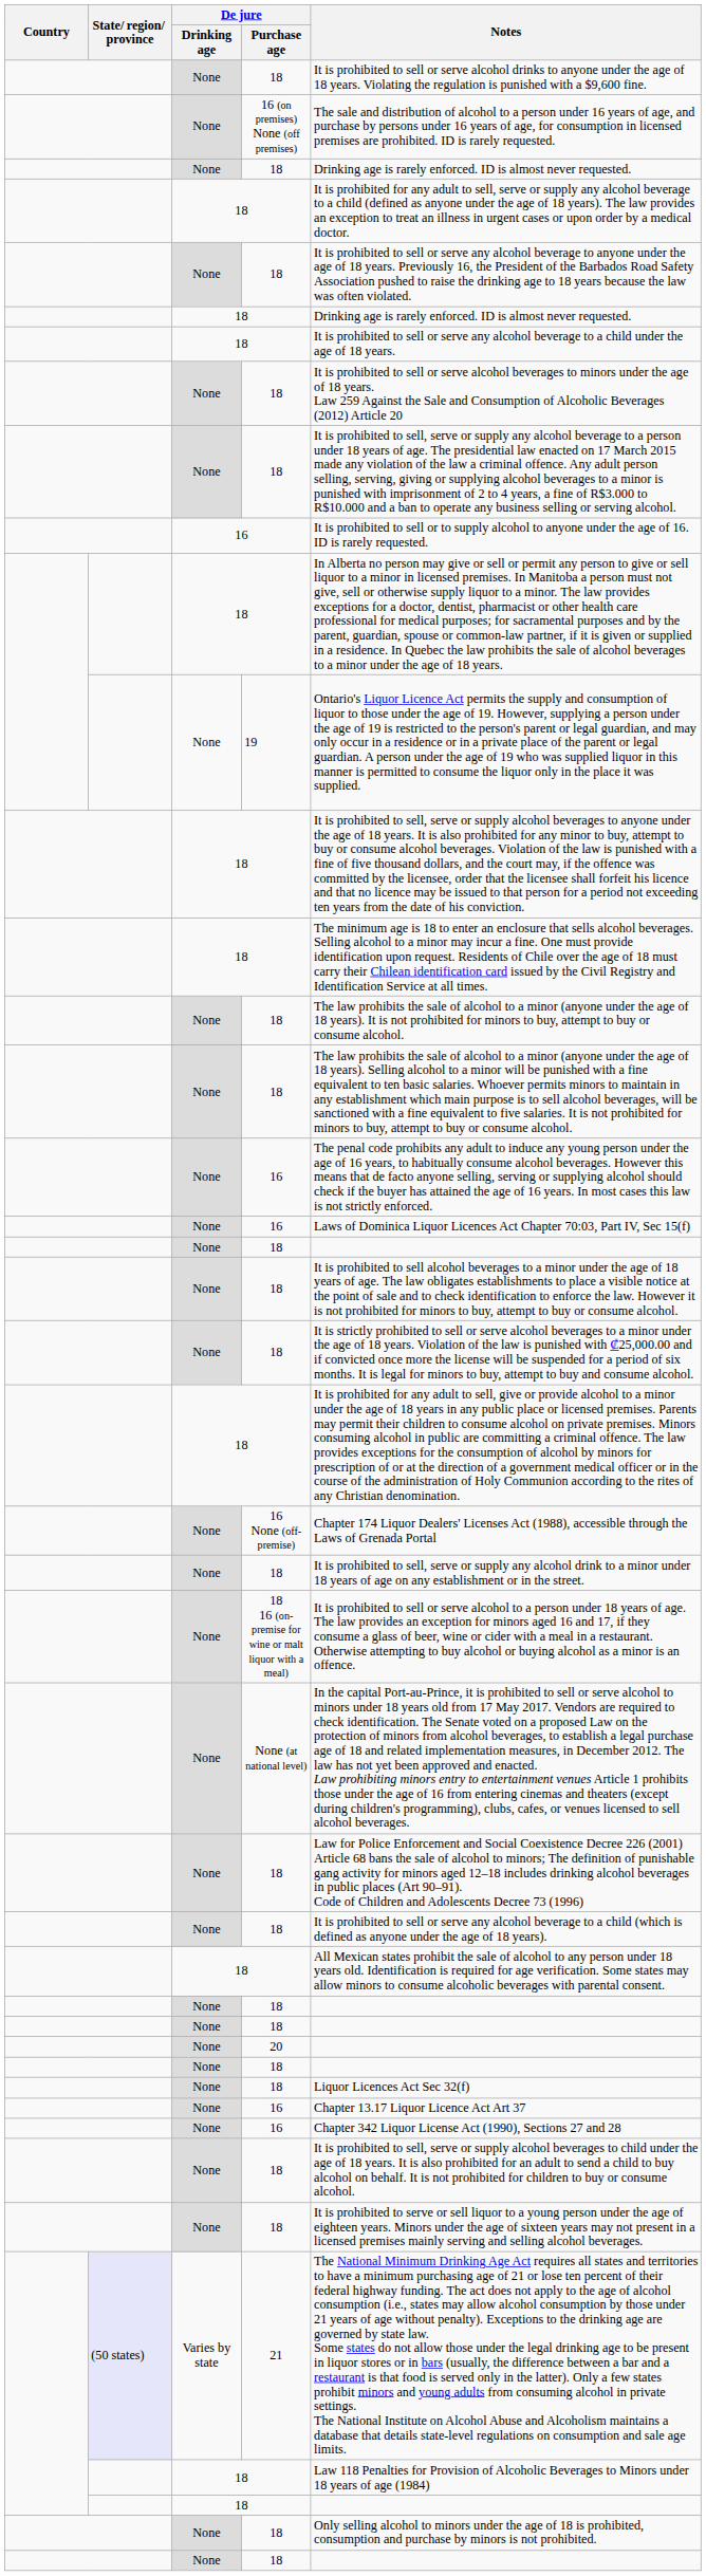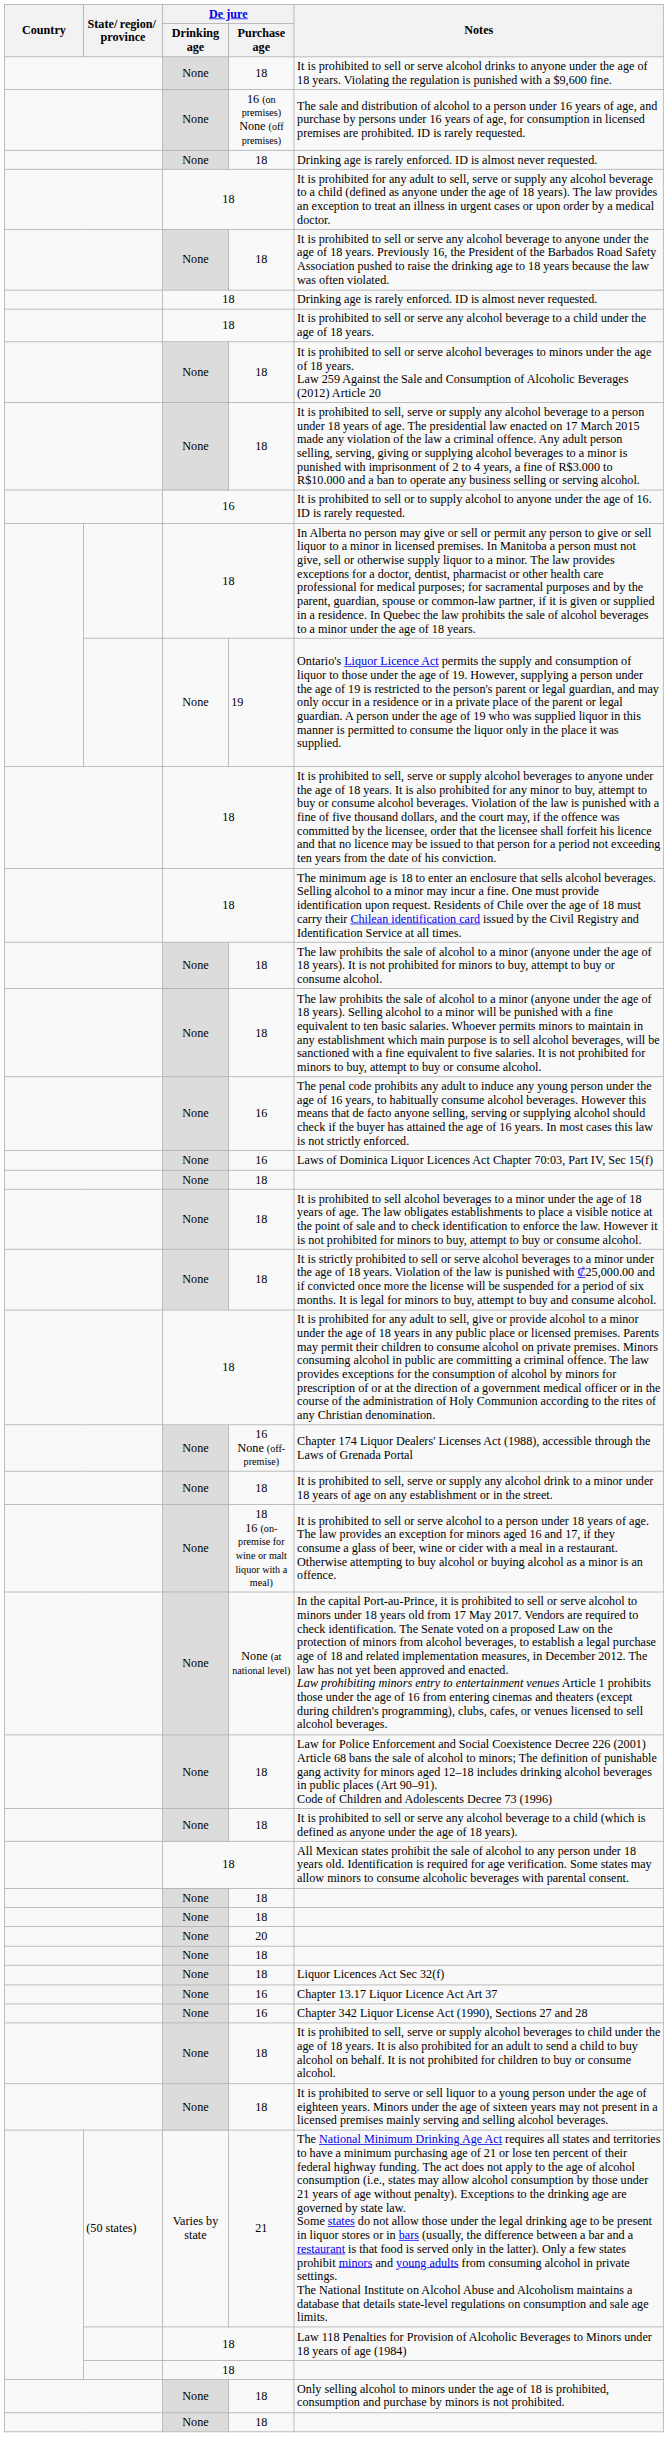 <table class="wikitable sortable mw-collapsible">
 <tr>
 <th rowspan=2 style="width:12%;">Country</th>
 <th rowspan=2 style="width:12%;">State/ region/ province</th>
 <th colspan=2 style="width:20%;"><a href='#'>De jure</a></th>
 <th rowspan=2 style="width:56%;">Notes</th>
 </tr>
 <tr>
 <th style="width:10%;">Drinking age</th>
 <th style="width:10%;">Purchase age</th>
 </tr>
 <tr>
 <td colspan=2><em></em></td>
 <td style="background:Gainsboro" align="center">None</td>
 <td align="center">18</td>
 <td>It is prohibited to sell or serve alcohol drinks to anyone under the age of 18 years. Violating the regulation is punished with a $9,600 fine.</td>
 </tr>
 <tr>
 <td colspan=2></td>
 <td style="background:Gainsboro" align="center">None</td>
 <td align="center">16 <small>(on premises)</small> None <small>(off premises)</small></td>
 <td>The sale and distribution of alcohol to a person under 16 years of age, and purchase by persons under 16 years of age, for consumption in licensed premises are prohibited. ID is rarely requested.</td>
 </tr>
 <tr>
 <td colspan=2></td>
 <td style="background:Gainsboro" align="center">None</td>
 <td align="center">18</td>
 <td>Drinking age is rarely enforced. ID is almost never requested.</td>
 </tr>
 <tr>
 <td colspan=2></td>
 <td colspan=2 style="text-align:center;">18</td>
 <td>It is prohibited for any adult to sell, serve or supply any alcohol beverage to a child (defined as anyone under the age of 18 years). The law provides an exception to treat an illness in urgent cases or upon order by a medical doctor.</td>
 </tr>
 <tr>
 <td colspan=2></td>
 <td style="background:Gainsboro" align="center">None</td>
 <td align="center">18</td>
 <td>It is prohibited to sell or serve any alcohol beverage to anyone under the age of 18 years. Previously 16, the President of the Barbados Road Safety Association pushed to raise the drinking age to 18 years because the law was often violated.</td>
 </tr>
 <tr>
 <td colspan=2></td>
 <td colspan=2 style="text-align:center;">18</td>
 <td>Drinking age is rarely enforced. ID is almost never requested.</td>
 </tr>
 <tr>
 <td colspan=2><em></em></td>
 <td colspan=2 style="text-align:center;">18</td>
 <td>It is prohibited to sell or serve any alcohol beverage to a child under the age of 18 years.</td>
 </tr>
 <tr>
 <td colspan=2></td>
 <td style="background:Gainsboro" align="center">None</td>
 <td align="center">18</td>
 <td>It is prohibited to sell or serve alcohol beverages to minors under the age of 18 years.<br>Law 259 Against the Sale and Consumption of Alcoholic Beverages (2012) Article 20</td>
 </tr>
 <tr>
 <td colspan=2></td>
 <td style="background:Gainsboro" align="center">None</td>
 <td align="center">18</td>
 <td>It is prohibited to sell, serve or supply any alcohol beverage to a person under 18 years of age. The presidential law enacted on 17 March 2015 made any violation of the law a criminal offence. Any adult person selling, serving, giving or supplying alcohol beverages to a minor is punished with imprisonment of 2 to 4 years, a fine of R$3.000 to R$10.000 and a ban to operate any business selling or serving alcohol.</td>
 </tr>
 <tr>
 <td colspan=2><em></em></td>
 <td colspan=2 style="text-align:center;">16</td>
 <td>It is prohibited to sell or to supply alcohol to anyone under the age of 16. ID is rarely requested.</td>
 </tr>
 <tr>
 <td rowspan=2></td>
 <td><br><br></td>
 <td colspan=2 style="text-align:center;">18</td>
 <td>In Alberta no person may give or sell or permit any person to give or sell liquor to a minor in licensed premises. In Manitoba a person must not give, sell or otherwise supply liquor to a minor. The law provides exceptions for a doctor, dentist, pharmacist or other health care professional for medical purposes; for sacramental purposes and by the parent, guardian, spouse or common-law partner, if it is given or supplied in a residence. In Quebec the law prohibits the sale of alcohol beverages to a minor under the age of 18 years.</td>
 </tr>
 <tr>
 <td><br><br><br><br><br><br><br><br><br></td>
 <td style="text-align:center;">None</td>
 <td>19</td>
 <td>Ontario's <a href='#'>Liquor Licence Act</a> permits the supply and consumption of liquor to those under the age of 19. However, supplying a person under the age of 19 is restricted to the person's parent or legal guardian, and may only occur in a residence or in a private place of the parent or legal guardian. A person under the age of 19 who was supplied liquor in this manner is permitted to consume the liquor only in the place it was supplied.</td>
 </tr>
 <tr>
 <td colspan=2><em></em></td>
 <td colspan=2 style="text-align:center;">18</td>
 <td>It is prohibited to sell, serve or supply alcohol beverages to anyone under the age of 18 years. It is also prohibited for any minor to buy, attempt to buy or consume alcohol beverages. Violation of the law is punished with a fine of five thousand dollars, and the court may, if the offence was committed by the licensee, order that the licensee shall forfeit his licence and that no licence may be issued to that person for a period not exceeding ten years from the date of his conviction.</td>
 </tr>
 <tr>
 <td colspan=2></td>
 <td colspan=2 style="text-align:center;">18</td>
 <td>The minimum age is 18 to enter an enclosure that sells alcohol beverages. Selling alcohol to a minor may incur a fine. One must provide identification upon request. Residents of Chile over the age of 18 must carry their <a href='#'>Chilean identification card</a> issued by the Civil Registry and Identification Service at all times.</td>
 </tr>
 <tr>
 <td colspan=2></td>
 <td style="background:Gainsboro" align="center">None</td>
 <td align="center">18</td>
 <td>The law prohibits the sale of alcohol to a minor (anyone under the age of 18 years). It is not prohibited for minors to buy, attempt to buy or consume alcohol.</td>
 </tr>
 <tr>
 <td colspan=2></td>
 <td style="background:Gainsboro" align="center">None</td>
 <td align="center">18</td>
 <td>The law prohibits the sale of alcohol to a minor (anyone under the age of 18 years). Selling alcohol to a minor will be punished with a fine equivalent to ten basic salaries. Whoever permits minors to maintain in any establishment which main purpose is to sell alcohol beverages, will be sanctioned with a fine equivalent to five salaries. It is not prohibited for minors to buy, attempt to buy or consume alcohol.</td>
 </tr>
 <tr>
 <td colspan=2></td>
 <td style="background:Gainsboro" align="center">None</td>
 <td align="center">16</td>
 <td>The penal code prohibits any adult to induce any young person under the age of 16 years, to habitually consume alcohol beverages. However this means that de facto anyone selling, serving or supplying alcohol should check if the buyer has attained the age of 16 years. In most cases this law is not strictly enforced.</td>
 </tr>
 <tr>
 <td colspan="2"></td>
 <td style="background:Gainsboro" align="center">None</td>
 <td align="center">16</td>
 <td>Laws of Dominica Liquor Licences Act Chapter 70:03, Part IV, Sec 15(f)</td>
 </tr>
 <tr>
 <td colspan=2></td>
 <td style="background:Gainsboro" align="center">None</td>
 <td align="center">18</td>
 <td></td>
 </tr>
 <tr>
 <td colspan=2></td>
 <td style="background:Gainsboro" align="center">None</td>
 <td align="center">18</td>
 <td>It is prohibited to sell alcohol beverages to a minor under the age of 18 years of age. The law obligates establishments to place a visible notice at the point of sale and to check identification to enforce the law. However it is not prohibited for minors to buy, attempt to buy or consume alcohol.</td>
 </tr>
 <tr>
 <td colspan=2></td>
 <td style="background:Gainsboro" align="center">None</td>
 <td align="center">18</td>
 <td>It is strictly prohibited to sell or serve alcohol beverages to a minor under the age of 18 years. Violation of the law is punished with <a href='#'>₡</a>25,000.00 and if convicted once more the license will be suspended for a period of six months. It is legal for minors to buy, attempt to buy and consume alcohol.</td>
 </tr>
 <tr>
 <td colspan=2><em></em></td>
 <td colspan=2 style="text-align:center;">18</td>
 <td>It is prohibited for any adult to sell, give or provide alcohol to a minor under the age of 18 years in any public place or licensed premises. Parents may permit their children to consume alcohol on private premises. Minors consuming alcohol in public are committing a criminal offence. The law provides exceptions for the consumption of alcohol by minors for prescription of or at the direction of a government medical officer or in the course of the administration of Holy Communion according to the rites of any Christian denomination.</td>
 </tr>
 <tr>
 <td colspan=2></td>
 <td style="background:Gainsboro" align="center">None</td>
 <td align="center">16<br>None <small>(off-premise)</small></td>
 <td>Chapter 174 Liquor Dealers' Licenses Act (1988), accessible through the Laws of Grenada Portal</td>
 </tr>
 <tr>
 <td colspan=2></td>
 <td style="background:Gainsboro" align="center">None</td>
 <td style="text-align:center;">18</td>
 <td>It is prohibited to sell, serve or supply any alcohol drink to a minor under 18 years of age on any establishment or in the street.</td>
 </tr>
 <tr>
 <td colspan=2></td>
 <td style="background:Gainsboro" align="center">None</td>
 <td align="center">18<br>16 <small>(on-premise for wine or malt liquor with a meal)</small></td>
 <td>It is prohibited to sell or serve alcohol to a person under 18 years of age. The law provides an exception for minors aged 16 and 17, if they consume a glass of beer, wine or cider with a meal in a restaurant. Otherwise attempting to buy alcohol or buying alcohol as a minor is an offence.</td>
 </tr>
 <tr>
 <td colspan=2></td>
 <td style="background:Gainsboro" align="center">None</td>
 <td align="center">None <small>(at national level)</small></td>
 <td>In the capital Port-au-Prince, it is prohibited to sell or serve alcohol to minors under 18 years old from 17 May 2017. Vendors are required to check identification. The Senate voted on a proposed Law on the protection of minors from alcohol beverages, to establish a legal purchase age of 18 and related implementation measures, in December 2012. The law has not yet been approved and enacted.<br><em>Law prohibiting minors entry to entertainment venues</em> Article 1 prohibits those under the age of 16 from entering cinemas and theaters (except during children's programming), clubs, cafes, or venues licensed to sell alcohol beverages.</td>
 </tr>
 <tr>
 <td colspan=2></td>
 <td style="background:Gainsboro" align="center">None</td>
 <td align="center">18</td>
 <td>Law for Police Enforcement and Social Coexistence Decree 226 (2001) Article 68 bans the sale of alcohol to minors; The definition of punishable gang activity for minors aged 12–18 includes drinking alcohol beverages in public places (Art 90–91).<br>Code of Children and Adolescents Decree 73 (1996)</td>
 </tr>
 <tr>
 <td colspan=2></td>
 <td style="background:Gainsboro" align="center">None</td>
 <td align=center>18</td>
 <td>It is prohibited to sell or serve any alcohol beverage to a child (which is defined as anyone under the age of 18 years).</td>
 </tr>
 <tr>
 <td colspan=2></td>
 <td colspan=2 style="text-align:center;">18</td>
 <td>All Mexican states prohibit the sale of alcohol to any person under 18 years old. Identification is required for age verification. Some states may allow minors to consume alcoholic beverages with parental consent.</td>
 </tr>
 <tr>
 <td colspan=2></td>
 <td style="background:Gainsboro" align="center">None</td>
 <td align="center">18</td>
 <td></td>
 </tr>
 <tr>
 <td colspan=2></td>
 <td style="background:Gainsboro" align="center">None</td>
 <td align="center">18</td>
 <td></td>
 </tr>
 <tr>
 <td colspan=2></td>
 <td style="background:Gainsboro" align="center">None</td>
 <td align="center">20</td>
 <td></td>
 </tr>
 <tr>
 <td colspan=2></td>
 <td style="background:Gainsboro" align="center">None</td>
 <td align="center">18</td>
 <td></td>
 </tr>
 <tr>
 <td colspan="2"></td>
 <td style="background:Gainsboro" align="center">None</td>
 <td align="center">18</td>
 <td>Liquor Licences Act Sec 32(f)</td>
 </tr>
 <tr>
 <td colspan="2"></td>
 <td style="background:Gainsboro" align="center">None</td>
 <td align="center">16</td>
 <td>Chapter 13.17 Liquor Licence Act Art 37</td>
 </tr>
 <tr>
 <td colspan="2"></td>
 <td style="background:Gainsboro" align="center">None</td>
 <td align="center">16</td>
 <td>Chapter 342 Liquor License Act (1990), Sections 27 and 28</td>
 </tr>
 <tr>
 <td colspan=2></td>
 <td style="background:Gainsboro" align="center">None</td>
 <td align="center">18</td>
 <td>It is prohibited to sell, serve or supply alcohol beverages to child under the age of 18 years. It is also prohibited for an adult to send a child to buy alcohol on behalf. It is not prohibited for children to buy or consume alcohol.</td>
 </tr>
 <tr>
 <td colspan=2><em></em></td>
 <td style="background:Gainsboro" align="center">None</td>
 <td align="center">18</td>
 <td>It is prohibited to serve or sell liquor to a young person under the age of eighteen years. Minors under the age of sixteen years may not present in a licensed premises mainly serving and selling alcohol beverages.</td>
 </tr>
 <tr>
 <td rowspan="3"></td>
-<td style="background: lavender;">(50 states)</td>
+<td>(50 states)</td>
 <td style="text-align:center;">Varies by state</td>
 <td style="text-align:center;">21</td>
 <td>The <a href='#'>National Minimum Drinking Age Act</a> requires all states and territories to have a minimum purchasing age of 21 or lose ten percent of their federal highway funding. The act does not apply to the age of alcohol consumption (i.e., states may allow alcohol consumption by those under 21 years of age without penalty). Exceptions to the drinking age are governed by state law.<br>Some <a href='#'>states</a> do not allow those under the legal drinking age to be present in liquor stores or in <a href='#'>bars</a> (usually, the difference between a bar and a <a href='#'>restaurant</a> is that food is served only in the latter). Only a few states prohibit <a href='#'>minors</a> and <a href='#'>young adults</a> from consuming alcohol in private settings.<br>The National Institute on Alcohol Abuse and Alcoholism maintains a database that details state-level regulations on consumption and sale age limits.<br></td>
 </tr>
 <tr>
 <td><em></em></td>
 <td colspan="2" style="text-align:center;">18</td>
 <td>Law 118 Penalties for Provision of Alcoholic Beverages to Minors under 18 years of age (1984)</td>
 </tr>
 <tr>
 <td><em></em></td>
 <td colspan="2" style="text-align:center;">18</td>
 <td></td>
 </tr>
 <tr>
 <td colspan=2></td>
 <td style="background:Gainsboro" align="center">None</td>
 <td align="center">18</td>
 <td>Only selling alcohol to minors under the age of 18 is prohibited, consumption and purchase by minors is not prohibited.</td>
 </tr>
 <tr>
 <td colspan=2></td>
 <td style="background:Gainsboro" align="center">None</td>
 <td align="center">18</td>
 <td></td>
 </tr>
 </table>
